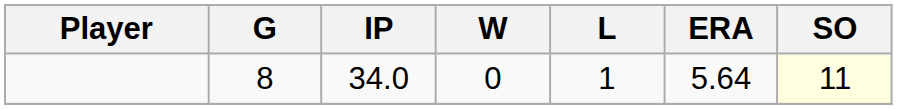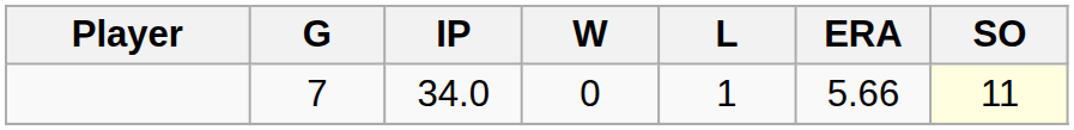 <table class="wikitable sortable">
 <tr>
 <th bgcolor="#DDDDFF" width="16%">Player</th>
 <th bgcolor="#DDDDFF" width="9%">G</th>
 <th bgcolor="#DDDDFF" width="9%">IP</th>
 <th bgcolor="#DDDDFF" width="9%">W</th>
 <th bgcolor="#DDDDFF" width="9%">L</th>
 <th bgcolor="#DDDDFF" width="9%">ERA</th>
 <th bgcolor="#DDDDFF" width="9%">SO</th>
 </tr>
 <tr align="center">
 <td></td>
-<td>8</td>
+<td>7</td>
 <td>34.0</td>
 <td>0</td>
 <td>1</td>
-<td>5.64</td>
+<td>5.66</td>
 <td style="background: lightyellow;">11</td>
 </tr>
 <tr align="center">
 </tr>
 </table>
